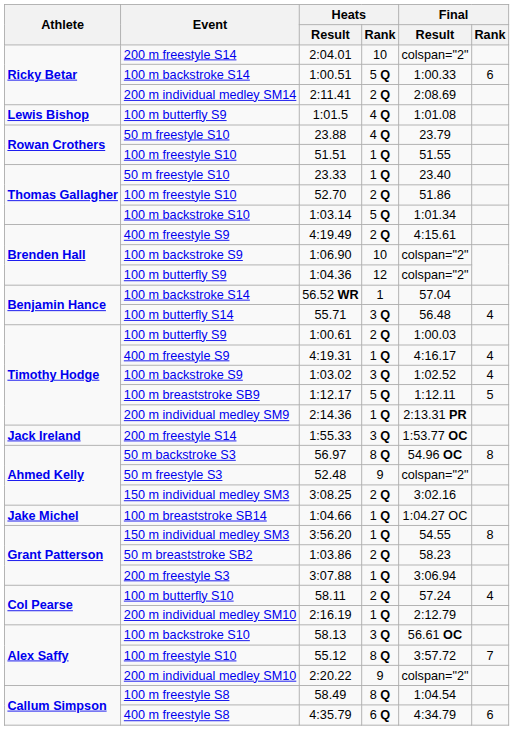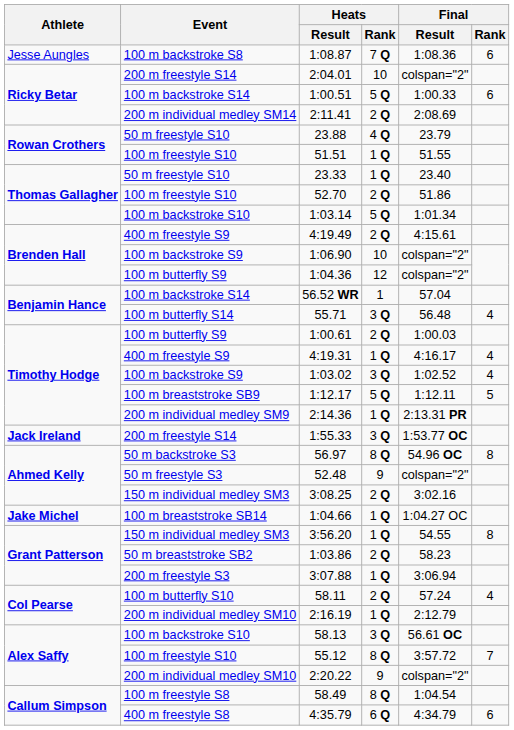 <table class=wikitable style="font-size:90%">
 <tr>
 <th rowspan="2">Athlete</th>
 <th rowspan="2">Event</th>
 <th colspan="2">Heats</th>
 <th colspan="2">Final</th>
 </tr>
 <tr>
 <th>Result</th>
 <th>Rank</th>
 <th>Result</th>
 <th>Rank</th>
+</tr>
+<tr align=center>
+<td align=left><a href='#'>Jesse Aungles</a></td>
+<td align=left><a href='#'>100 m backstroke S8</a></td>
+<td>1:08.87</td>
+<td>7 <strong>Q</strong></td>
+<td>1:08.36</td>
+<td>6</td>
 </tr>
 <tr align=center>
 <td rowspan=3 align=left><strong><a href='#'>Ricky Betar</a></strong></td>
 <td align=left><a href='#'>200 m freestyle S14</a></td>
 <td>2:04.01</td>
 <td>10</td>
 <td>colspan="2" </td>
 </tr>
 <tr align=center>
 <td align=left><a href='#'>100 m backstroke S14</a></td>
 <td>1:00.51</td>
 <td>5 <strong>Q</strong></td>
 <td>1:00.33</td>
 <td>6</td>
 </tr>
 <tr align=center>
 <td align=left><a href='#'>200 m individual medley SM14</a></td>
 <td>2:11.41</td>
 <td>2 <strong>Q</strong></td>
 <td>2:08.69</td>
-<td></td>
-</tr>
-<tr align=center>
-<td align=left><strong><a href='#'>Lewis Bishop</a></strong></td>
-<td align=left><a href='#'>100 m butterfly S9</a></td>
-<td>1:01.5</td>
-<td>4 <strong>Q</strong></td>
-<td>1:01.08</td>
 <td></td>
 </tr>
 <tr align=center>
 <td rowspan=2 align=left><strong><a href='#'>Rowan Crothers</a></strong></td>
 <td align=left><a href='#'>50 m freestyle S10</a></td>
 <td>23.88</td>
 <td>4 <strong>Q</strong></td>
 <td>23.79</td>
 <td></td>
 </tr>
 <tr align=center>
 <td align=left><a href='#'>100 m freestyle S10</a></td>
 <td>51.51</td>
 <td>1 <strong>Q</strong></td>
 <td>51.55</td>
 <td></td>
 </tr>
 <tr align=center>
 <td rowspan=3 align=left><strong><a href='#'>Thomas Gallagher</a></strong></td>
 <td align=left><a href='#'>50 m freestyle S10</a></td>
 <td>23.33</td>
 <td>1 <strong>Q</strong></td>
 <td>23.40</td>
 <td></td>
 </tr>
 <tr align=center>
 <td align=left><a href='#'>100 m freestyle S10</a></td>
 <td>52.70</td>
 <td>2 <strong>Q</strong></td>
 <td>51.86</td>
 <td></td>
 </tr>
 <tr align=center>
 <td align=left><a href='#'>100 m backstroke S10</a></td>
 <td>1:03.14</td>
 <td>5 <strong>Q</strong></td>
 <td>1:01.34</td>
 <td></td>
 </tr>
 <tr align=center>
 <td rowspan=3 align=left><strong><a href='#'>Brenden Hall</a></strong></td>
 <td align=left><a href='#'>400 m freestyle S9</a></td>
 <td>4:19.49</td>
 <td>2 <strong>Q</strong></td>
 <td>4:15.61</td>
 <td></td>
 </tr>
 <tr align=center>
 <td align=left><a href='#'>100 m backstroke S9</a></td>
 <td>1:06.90</td>
 <td>10</td>
 <td>colspan="2" </td>
 </tr>
 <tr align=center>
 <td align=left><a href='#'>100 m butterfly S9</a></td>
 <td>1:04.36</td>
 <td>12</td>
 <td>colspan="2" </td>
 </tr>
 <tr align=center>
 <td rowspan=2 align=left><strong><a href='#'>Benjamin Hance</a></strong></td>
 <td align=left><a href='#'>100 m backstroke S14</a></td>
 <td>56.52 <strong>WR</strong></td>
 <td>1</td>
 <td>57.04</td>
 <td></td>
 </tr>
 <tr align=center>
 <td align=left><a href='#'>100 m butterfly S14</a></td>
 <td>55.71</td>
 <td>3 <strong>Q</strong></td>
 <td>56.48</td>
 <td>4</td>
 </tr>
 <tr align=center>
 <td rowspan=5 align=left><strong><a href='#'>Timothy Hodge</a></strong></td>
 <td align=left><a href='#'>100 m butterfly S9</a></td>
 <td>1:00.61</td>
 <td>2 <strong>Q</strong></td>
 <td>1:00.03</td>
 <td></td>
 </tr>
 <tr align=center>
 <td align=left><a href='#'>400 m freestyle S9</a></td>
 <td>4:19.31</td>
 <td>1 <strong>Q</strong></td>
 <td>4:16.17</td>
 <td>4</td>
 </tr>
 <tr align=center>
 <td align=left><a href='#'>100 m backstroke S9</a></td>
 <td>1:03.02</td>
 <td>3 <strong>Q</strong></td>
 <td>1:02.52</td>
 <td>4</td>
 </tr>
 <tr align=center>
 <td align=left><a href='#'>100 m breaststroke SB9</a></td>
 <td>1:12.17</td>
 <td>5 <strong>Q</strong></td>
 <td>1:12.11</td>
 <td>5</td>
 </tr>
 <tr align=center>
 <td align=left><a href='#'>200 m individual medley SM9</a></td>
 <td>2:14.36</td>
 <td>1 <strong>Q</strong></td>
 <td>2:13.31 <strong>PR</strong></td>
 <td></td>
 </tr>
 <tr align=center>
 <td align=left><strong><a href='#'>Jack Ireland</a></strong></td>
 <td align=left><a href='#'>200 m freestyle S14</a></td>
 <td>1:55.33</td>
 <td>3 <strong>Q</strong></td>
 <td>1:53.77 <strong>OC</strong></td>
 <td></td>
 </tr>
 <tr align=center>
 <td rowspan=3 align=left><strong><a href='#'>Ahmed Kelly</a></strong></td>
 <td align=left><a href='#'>50 m backstroke S3</a></td>
 <td>56.97</td>
 <td>8 <strong>Q</strong></td>
 <td>54.96 <strong>OC</strong></td>
 <td>8</td>
 </tr>
 <tr align=center>
 <td align=left><a href='#'>50 m freestyle S3</a></td>
 <td>52.48</td>
 <td>9</td>
 <td>colspan="2" </td>
 </tr>
 <tr align=center>
 <td align=left><a href='#'>150 m individual medley SM3</a></td>
 <td>3:08.25</td>
 <td>2 <strong>Q</strong></td>
 <td>3:02.16</td>
 <td></td>
 </tr>
 <tr align=center>
 <td align=left><strong><a href='#'>Jake Michel</a></strong></td>
 <td align=left><a href='#'>100 m breaststroke SB14</a></td>
 <td>1:04.66</td>
 <td>1 <strong>Q</strong></td>
 <td>1:04.27 OC</td>
 <td></td>
 </tr>
 <tr align=center>
 <td rowspan=3 align=left><strong><a href='#'>Grant Patterson</a></strong></td>
 <td align=left><a href='#'>150 m individual medley SM3</a></td>
 <td>3:56.20</td>
 <td>1 <strong>Q</strong></td>
 <td>54.55</td>
 <td>8</td>
 </tr>
 <tr align=center>
 <td align=left><a href='#'>50 m breaststroke SB2</a></td>
 <td>1:03.86</td>
 <td>2 <strong>Q</strong></td>
 <td>58.23</td>
 <td></td>
 </tr>
 <tr align=center>
 <td align=left><a href='#'>200 m freestyle S3</a></td>
 <td>3:07.88</td>
 <td>1 <strong>Q</strong></td>
 <td>3:06.94</td>
 <td></td>
 </tr>
 <tr align=center>
 <td rowspan=2 align=left><strong><a href='#'>Col Pearse</a></strong></td>
 <td align=left><a href='#'>100 m butterfly S10</a></td>
 <td>58.11</td>
 <td>2 <strong>Q</strong></td>
 <td>57.24</td>
 <td>4</td>
 </tr>
 <tr align=center>
 <td align=left><a href='#'>200 m individual medley SM10</a></td>
 <td>2:16.19</td>
 <td>1 <strong>Q</strong></td>
 <td>2:12.79</td>
 <td></td>
 </tr>
 <tr align=center>
 <td rowspan=3 align=left><strong><a href='#'>Alex Saffy</a></strong></td>
 <td align=left><a href='#'>100 m backstroke S10</a></td>
 <td>58.13</td>
 <td>3 <strong>Q</strong></td>
 <td>56.61 <strong>OC</strong></td>
 <td></td>
 </tr>
 <tr align=center>
 <td align=left><a href='#'>100 m freestyle S10</a></td>
 <td>55.12</td>
 <td>8 <strong>Q</strong></td>
 <td>3:57.72</td>
 <td>7</td>
 </tr>
 <tr align=center>
 <td align=left><a href='#'>200 m individual medley SM10</a></td>
 <td>2:20.22</td>
 <td>9</td>
 <td>colspan="2" </td>
 </tr>
 <tr align=center>
 <td align=left rowspan=2><strong> <a href='#'>Callum Simpson</a></strong></td>
 <td align=left><a href='#'>100 m freestyle S8</a></td>
 <td>58.49</td>
 <td>8 <strong>Q</strong></td>
 <td>1:04.54</td>
 <td></td>
 </tr>
 <tr align=center>
 <td align=left><a href='#'>400 m freestyle S8</a></td>
 <td>4:35.79</td>
 <td>6 <strong>Q</strong></td>
 <td>4:34.79</td>
 <td>6</td>
 </tr>
 </table>
